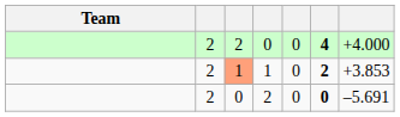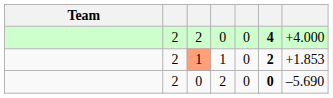 <table class="wikitable" style="text-align:center;">
 <tr>
 <th width=175>Team</th>
 <th style="width:20px;"></th>
 <th style="width:20px;"></th>
 <th style="width:20px;"></th>
 <th style="width:20px;"></th>
 <th style="width:20px;"></th>
 <th style="width:20px;"></th>
 </tr>
 <tr style="background:#cfc">
 <td align=left></td>
 <td>2</td>
 <td>2</td>
 <td>0</td>
 <td>0</td>
 <td><strong>4</strong></td>
 <td>+4.000</td>
 </tr>
 <tr>
 <td align=left></td>
 <td>2</td>
 <td style="background: lightsalmon;">1</td>
 <td>1</td>
 <td>0</td>
 <td><strong>2</strong></td>
-<td>+3.853</td>
+<td>+1.853</td>
 </tr>
 <tr>
 <td align=left></td>
 <td>2</td>
 <td>0</td>
 <td>2</td>
 <td>0</td>
 <td><strong>0</strong></td>
-<td>–5.691</td>
+<td>–5.690</td>
 </tr>
 </table>
